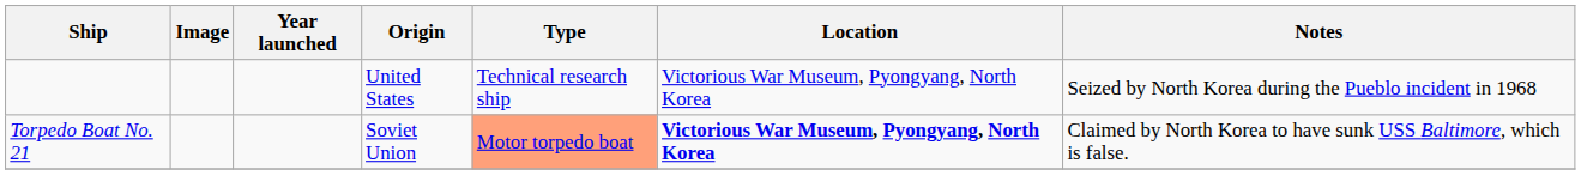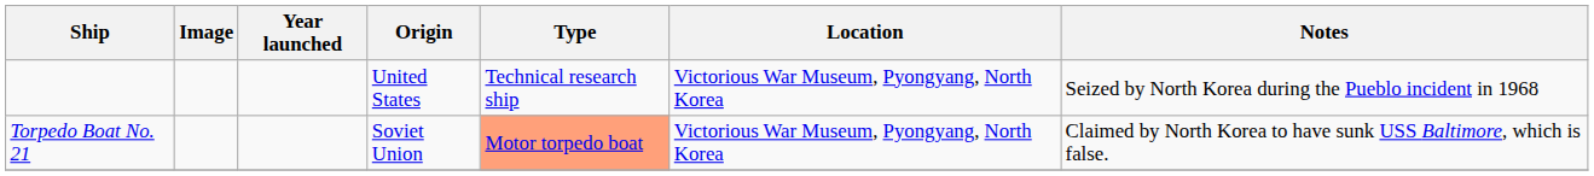 <table class="wikitable sortable">
 <tr>
 <th>Ship</th>
 <th>Image</th>
 <th>Year launched</th>
 <th>Origin</th>
 <th>Type</th>
 <th>Location</th>
 <th>Notes</th>
 </tr>
 <tr>
 <td data-sort-value=Pueblo></td>
 <td></td>
 <td></td>
 <td> <a href='#'>United States</a></td>
 <td><a href='#'>Technical research ship</a></td>
 <td><a href='#'>Victorious War Museum</a>, <a href='#'>Pyongyang</a>, <a href='#'>North Korea</a><br></td>
 <td>Seized by North Korea during the <a href='#'>Pueblo incident</a> in 1968</td>
 </tr>
 <tr>
 <td><em><a href='#'>Torpedo Boat No. 21</a></em></td>
 <td></td>
 <td></td>
 <td> <a href='#'>Soviet Union</a></td>
 <td style="background: lightsalmon;"><a href='#'>Motor torpedo boat</a></td>
-<td><strong><a href='#'>Victorious War Museum</a>, <a href='#'>Pyongyang</a>, <a href='#'>North Korea</a></strong></td>
+<td><a href='#'>Victorious War Museum</a>, <a href='#'>Pyongyang</a>, <a href='#'>North Korea</a></td>
 <td>Claimed by North Korea to have sunk <a href='#'>USS <em>Baltimore</em></a>, which is false.</td>
 </tr>
 <tr>
 </tr>
 </table>
